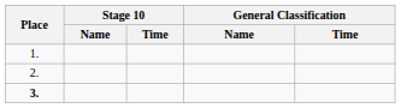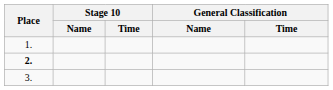 <table class=wikitable style="font-size:95%" width="80%">
 <tr>
 <th rowspan="2">Place</th>
 <th colspan="2">Stage 10</th>
 <th colspan="2">General Classification</th>
 </tr>
 <tr>
 <th>Name</th>
 <th>Time</th>
 <th>Name</th>
 <th>Time</th>
 </tr>
 <tr>
 <td align="center">1.</td>
 <td></td>
 <td></td>
 <td></td>
 <td></td>
 </tr>
 <tr>
-<td align="center">2.</td>
+<td align="center"><strong>2.</strong></td>
 <td></td>
 <td></td>
 <td></td>
 <td></td>
 </tr>
 <tr>
-<td align="center"><strong>3.</strong></td>
+<td align="center">3.</td>
 <td></td>
 <td></td>
 <td></td>
 <td></td>
 </tr>
 </table>
